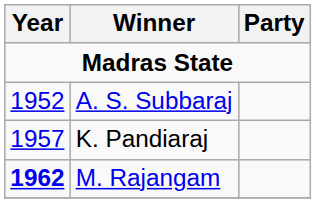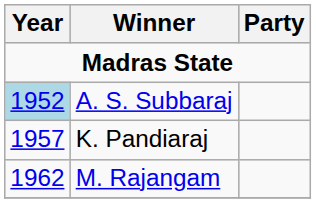 <table class="wikitable sortable">
 <tr>
 <th>Year</th>
 <th>Winner</th>
 <th colspan="2">Party</th>
 </tr>
 <tr>
 <td style="text-align: center;" colspan="4"><strong>Madras State</strong></td>
 </tr>
 <tr>
-<td><a href='#'>1952</a></td>
+<td style="background: lightblue;"><a href='#'>1952</a></td>
 <td><a href='#'>A. S. Subbaraj</a></td>
 <td></td>
 </tr>
 <tr>
 <td><a href='#'>1957</a></td>
 <td>K. Pandiaraj</td>
 </tr>
 <tr>
-<td><strong><a href='#'>1962</a></strong></td>
+<td><a href='#'>1962</a></td>
 <td><a href='#'>M. Rajangam</a></td>
 <td></td>
 </tr>
 <tr>
 </tr>
 </table>
